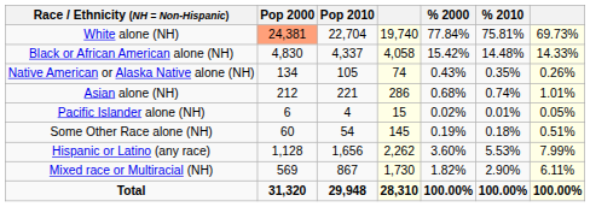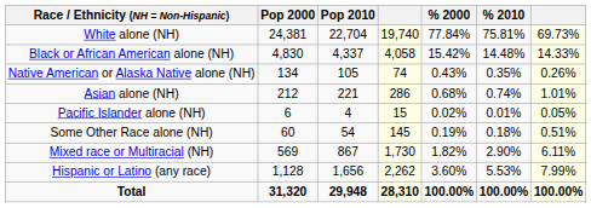 <table class="wikitable" style="text-align:center;">
 <tr>
 <th>Race / Ethnicity <small>(<em>NH = Non-Hispanic</em>)</small></th>
 <th>Pop 2000</th>
 <th>Pop 2010</th>
 <th></th>
 <th>% 2000</th>
 <th>% 2010</th>
 <th></th>
 </tr>
 <tr>
 <td><a href='#'>White</a> alone (NH)</td>
-<td style="background: lightsalmon;">24,381</td>
+<td>24,381</td>
 <td>22,704</td>
 <td style='background: #ffffe6;'>19,740</td>
 <td>77.84%</td>
 <td>75.81%</td>
 <td style='background: #ffffe6;'>69.73%</td>
 </tr>
 <tr>
 <td><a href='#'>Black or African American</a> alone (NH)</td>
 <td>4,830</td>
 <td>4,337</td>
 <td style='background: #ffffe6;'>4,058</td>
 <td>15.42%</td>
 <td>14.48%</td>
 <td style='background: #ffffe6;'>14.33%</td>
 </tr>
 <tr>
 <td><a href='#'>Native American</a> or <a href='#'>Alaska Native</a> alone (NH)</td>
 <td>134</td>
 <td>105</td>
 <td style='background: #ffffe6;'>74</td>
 <td>0.43%</td>
 <td>0.35%</td>
 <td style='background: #ffffe6;'>0.26%</td>
 </tr>
 <tr>
 <td><a href='#'>Asian</a> alone (NH)</td>
 <td>212</td>
 <td>221</td>
 <td style='background: #ffffe6;'>286</td>
 <td>0.68%</td>
 <td>0.74%</td>
 <td style='background: #ffffe6;'>1.01%</td>
 </tr>
 <tr>
 <td><a href='#'>Pacific Islander</a> alone (NH)</td>
 <td>6</td>
 <td>4</td>
 <td style='background: #ffffe6;'>15</td>
 <td>0.02%</td>
 <td>0.01%</td>
 <td style='background: #ffffe6;'>0.05%</td>
 </tr>
 <tr>
 <td>Some Other Race alone (NH)</td>
 <td>60</td>
 <td>54</td>
 <td style='background: #ffffe6;'>145</td>
 <td>0.19%</td>
 <td>0.18%</td>
 <td style='background: #ffffe6;'>0.51%</td>
 </tr>
 <tr>
+<td><a href='#'>Mixed race or Multiracial</a> (NH)</td>
+<td>569</td>
+<td>867</td>
+<td style='background: #ffffe6;'>1,730</td>
+<td>1.82%</td>
+<td>2.90%</td>
+<td style='background: #ffffe6;'>6.11%</td>
+</tr>
+<tr>
 <td><a href='#'>Hispanic or Latino</a> (any race)</td>
 <td>1,128</td>
 <td>1,656</td>
 <td style='background: #ffffe6;'>2,262</td>
 <td>3.60%</td>
 <td>5.53%</td>
 <td style='background: #ffffe6;'>7.99%</td>
-</tr>
-<tr>
-<td><a href='#'>Mixed race or Multiracial</a> (NH)</td>
-<td>569</td>
-<td>867</td>
-<td style='background: #ffffe6;'>1,730</td>
-<td>1.82%</td>
-<td>2.90%</td>
-<td style='background: #ffffe6;'>6.11%</td>
 </tr>
 <tr>
 <td><strong>Total</strong></td>
 <td><strong>31,320</strong></td>
 <td><strong>29,948</strong></td>
 <td style='background: #ffffe6;'><strong>28,310</strong></td>
 <td><strong>100.00%</strong></td>
 <td><strong>100.00%</strong></td>
 <td style='background: #ffffe6;'><strong>100.00%</strong></td>
 </tr>
 </table>
